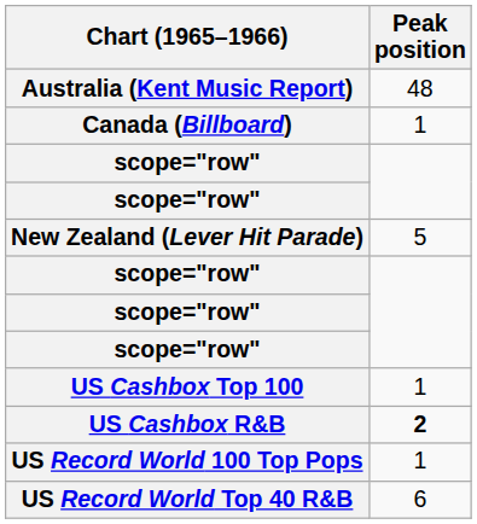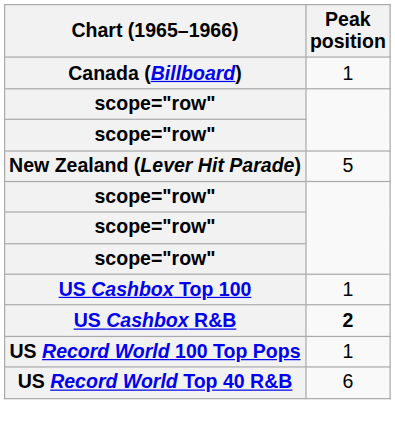 <table class="wikitable sortable plainrowheaders">
 <tr>
 <th scope="col">Chart (1965–1966)</th>
 <th scope="col">Peak<br>position</th>
-</tr>
-<tr>
-<th scope="row">Australia (<a href='#'>Kent Music Report</a>)</th>
-<td align="center">48</td>
 </tr>
 <tr>
 <th scope="row">Canada (<a href='#'><em>Billboard</em></a>)</th>
 <td style="text-align:center;">1</td>
 </tr>
 <tr>
 <th>scope="row" </th>
 </tr>
 <tr>
 <th>scope="row" </th>
 </tr>
 <tr>
 <th scope="row">New Zealand (<em>Lever Hit Parade</em>)</th>
 <td align="center">5</td>
 </tr>
 <tr>
 <th>scope="row" </th>
 </tr>
 <tr>
 <th>scope="row" </th>
 </tr>
 <tr>
 <th>scope="row" </th>
 </tr>
 <tr>
 <th scope="row"><a href='#'>US <em>Cashbox</em> Top 100</a></th>
 <td style="text-align:center;">1</td>
 </tr>
 <tr>
 <th scope="row"><a href='#'>US <em>Cashbox</em> R&B</a></th>
 <td style="text-align:center;"><strong>2</strong></td>
 </tr>
 <tr>
 <th scope="row">US <a href='#'><em>Record World</em> 100 Top Pops</a></th>
 <td style="text-align:center;">1</td>
 </tr>
 <tr>
 <th scope="row">US <a href='#'><em>Record World</em> Top 40 R&B</a></th>
 <td style="text-align:center;">6</td>
 </tr>
 </table>
